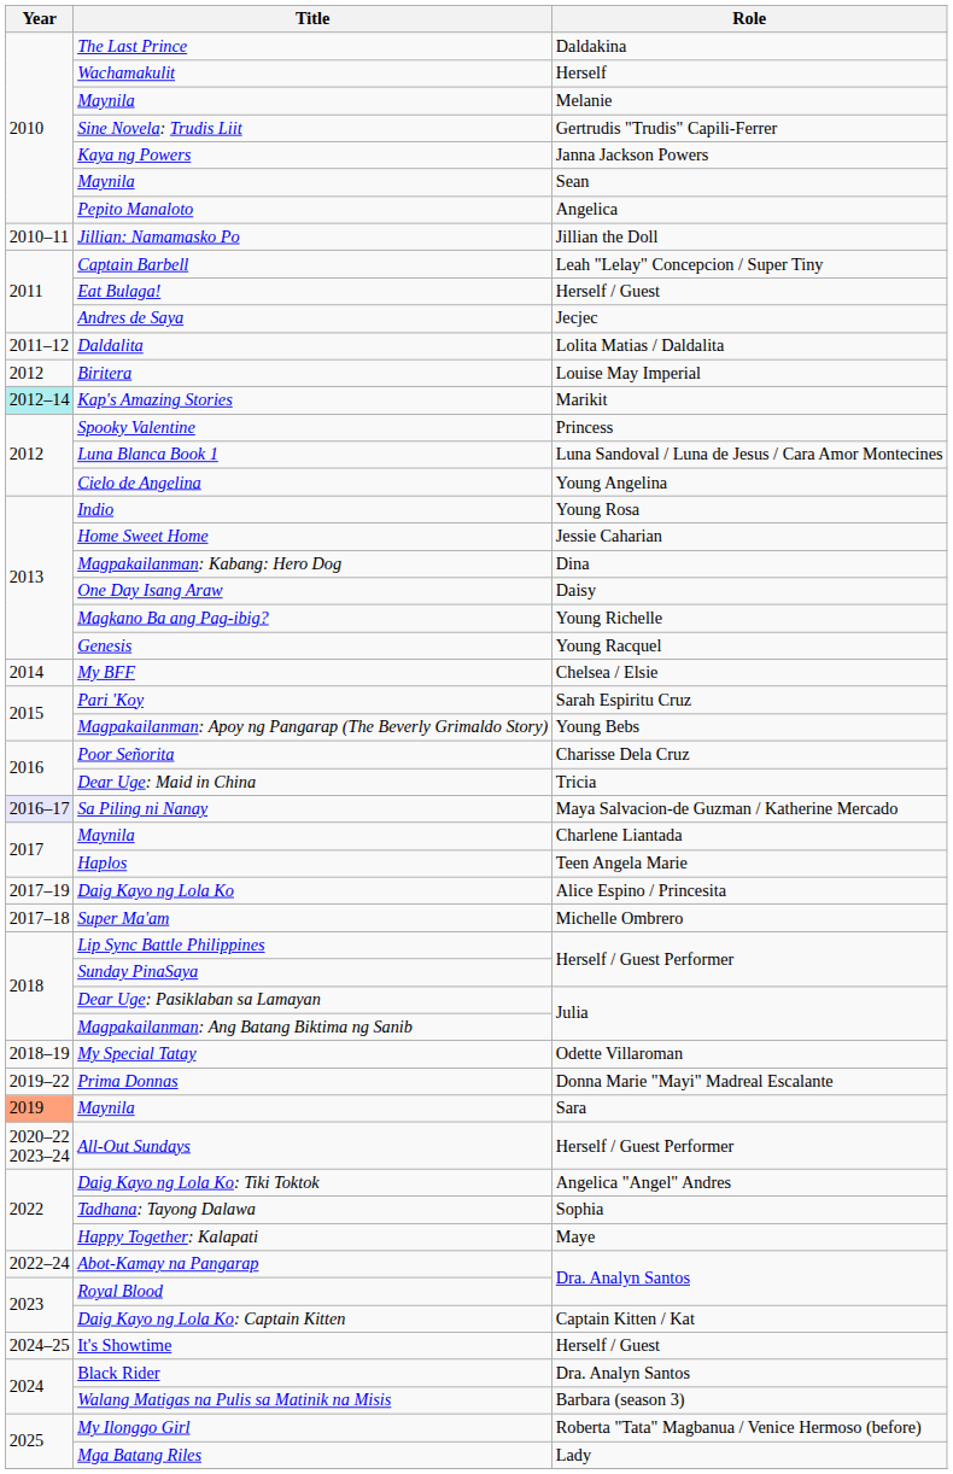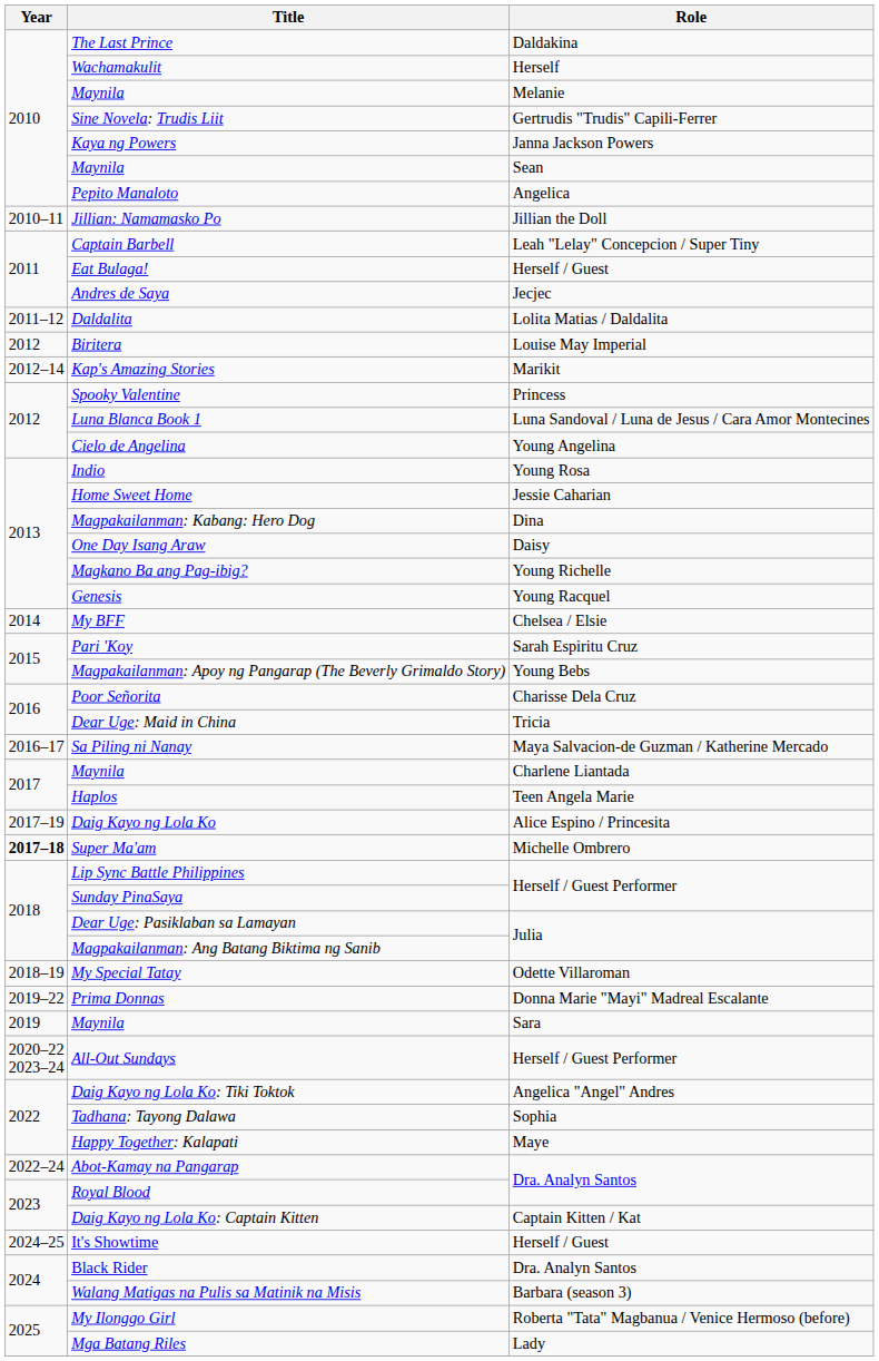 <table class="wikitable sortable">
 <tr>
 <th>Year</th>
 <th>Title</th>
 <th>Role</th>
 </tr>
 <tr>
 <td rowspan="7">2010</td>
 <td><em><a href='#'>The Last Prince</a></em></td>
 <td>Daldakina</td>
 </tr>
 <tr>
 <td><em><a href='#'>Wachamakulit</a></em></td>
 <td>Herself</td>
 </tr>
 <tr>
 <td><em><a href='#'>Maynila</a></em></td>
 <td>Melanie</td>
 </tr>
 <tr>
 <td><em><a href='#'>Sine Novela</a>: <a href='#'>Trudis Liit</a></em></td>
 <td>Gertrudis "Trudis" Capili-Ferrer</td>
 </tr>
 <tr>
 <td><em><a href='#'>Kaya ng Powers</a></em></td>
 <td>Janna Jackson Powers</td>
 </tr>
 <tr>
 <td><em><a href='#'>Maynila</a></em></td>
 <td>Sean</td>
 </tr>
 <tr>
 <td><em><a href='#'>Pepito Manaloto</a></em></td>
 <td>Angelica</td>
 </tr>
 <tr>
 <td>2010–11</td>
 <td><em><a href='#'>Jillian: Namamasko Po</a></em></td>
 <td>Jillian the Doll</td>
 </tr>
 <tr>
 <td rowspan="3">2011</td>
 <td><em><a href='#'>Captain Barbell</a></em></td>
 <td>Leah "Lelay" Concepcion / Super Tiny</td>
 </tr>
 <tr>
 <td><em><a href='#'>Eat Bulaga!</a></em></td>
 <td>Herself / Guest</td>
 </tr>
 <tr>
 <td><em><a href='#'>Andres de Saya</a></em></td>
 <td>Jecjec</td>
 </tr>
 <tr>
 <td>2011–12</td>
 <td><em><a href='#'>Daldalita</a></em></td>
 <td>Lolita Matias / Daldalita</td>
 </tr>
 <tr>
 <td>2012</td>
 <td><em><a href='#'>Biritera</a></em></td>
 <td>Louise May Imperial</td>
 </tr>
 <tr>
-<td style="background: paleturquoise;">2012–14</td>
+<td>2012–14</td>
 <td><em><a href='#'>Kap's Amazing Stories</a></em></td>
 <td>Marikit</td>
 </tr>
 <tr>
 <td rowspan="3">2012</td>
 <td><em><a href='#'>Spooky Valentine</a></em></td>
 <td>Princess</td>
 </tr>
 <tr>
 <td><em><a href='#'>Luna Blanca Book 1</a></em></td>
 <td>Luna Sandoval / Luna de Jesus / Cara Amor Montecines</td>
 </tr>
 <tr>
 <td><em><a href='#'>Cielo de Angelina</a></em></td>
 <td>Young Angelina</td>
 </tr>
 <tr>
 <td rowspan="6">2013</td>
 <td><em><a href='#'>Indio</a></em></td>
 <td>Young Rosa</td>
 </tr>
 <tr>
 <td><em><a href='#'>Home Sweet Home</a></em></td>
 <td>Jessie Caharian</td>
 </tr>
 <tr>
 <td><em><a href='#'>Magpakailanman</a>: Kabang: Hero Dog</em></td>
 <td>Dina</td>
 </tr>
 <tr>
 <td><em><a href='#'>One Day Isang Araw</a></em></td>
 <td>Daisy</td>
 </tr>
 <tr>
 <td><em><a href='#'>Magkano Ba ang Pag-ibig?</a></em></td>
 <td>Young Richelle</td>
 </tr>
 <tr>
 <td><em><a href='#'>Genesis</a></em></td>
 <td>Young Racquel</td>
 </tr>
 <tr>
 <td>2014</td>
 <td><em><a href='#'>My BFF</a></em></td>
 <td>Chelsea / Elsie</td>
 </tr>
 <tr>
 <td rowspan="2">2015</td>
 <td><em><a href='#'>Pari 'Koy</a></em></td>
 <td>Sarah Espiritu Cruz</td>
 </tr>
 <tr>
 <td><em><a href='#'>Magpakailanman</a>: Apoy ng Pangarap (The Beverly Grimaldo Story)</em></td>
 <td>Young Bebs</td>
 </tr>
 <tr>
 <td rowspan="2">2016</td>
 <td><em><a href='#'>Poor Señorita</a></em></td>
 <td>Charisse Dela Cruz</td>
 </tr>
 <tr>
 <td><em><a href='#'>Dear Uge</a>: Maid in China</em></td>
 <td>Tricia</td>
 </tr>
 <tr>
-<td style="background: lavender;">2016–17</td>
+<td>2016–17</td>
 <td><em><a href='#'>Sa Piling ni Nanay</a></em></td>
 <td>Maya Salvacion-de Guzman / Katherine Mercado</td>
 </tr>
 <tr>
 <td rowspan="2">2017</td>
 <td><em><a href='#'>Maynila</a></em></td>
 <td>Charlene Liantada</td>
 </tr>
 <tr>
 <td><em><a href='#'>Haplos</a></em></td>
 <td>Teen Angela Marie</td>
 </tr>
 <tr>
 <td>2017–19</td>
 <td><em><a href='#'>Daig Kayo ng Lola Ko</a></em></td>
 <td>Alice Espino / Princesita</td>
 </tr>
 <tr>
-<td>2017–18</td>
+<td><strong>2017–18</strong></td>
 <td><em><a href='#'>Super Ma'am</a></em></td>
 <td>Michelle Ombrero</td>
 </tr>
 <tr>
 <td rowspan="4">2018</td>
 <td><em><a href='#'>Lip Sync Battle Philippines</a></em></td>
 <td rowspan="2">Herself / Guest Performer</td>
 </tr>
 <tr>
 <td><em><a href='#'>Sunday PinaSaya</a></em></td>
 </tr>
 <tr>
 <td><em><a href='#'>Dear Uge</a>: Pasiklaban sa Lamayan</em></td>
 <td rowspan="2">Julia</td>
 </tr>
 <tr>
 <td><em><a href='#'>Magpakailanman</a>: Ang Batang Biktima ng Sanib</em></td>
 </tr>
 <tr>
 <td>2018–19</td>
 <td><em><a href='#'>My Special Tatay</a></em></td>
 <td>Odette Villaroman</td>
 </tr>
 <tr>
 <td>2019–22</td>
 <td><em><a href='#'>Prima Donnas</a></em></td>
 <td>Donna Marie "Mayi" Madreal Escalante</td>
 </tr>
 <tr>
-<td style="background: lightsalmon;">2019</td>
+<td>2019</td>
 <td><em><a href='#'>Maynila</a></em></td>
 <td>Sara</td>
 </tr>
 <tr>
 <td>2020–22 <br> 2023–24</td>
 <td><em><a href='#'>All-Out Sundays</a></em></td>
 <td>Herself / Guest Performer</td>
 </tr>
 <tr>
 <td rowspan="3">2022</td>
 <td><em><a href='#'>Daig Kayo ng Lola Ko</a>: Tiki Toktok</em></td>
 <td>Angelica "Angel" Andres</td>
 </tr>
 <tr>
 <td><em><a href='#'>Tadhana</a>: Tayong Dalawa</em></td>
 <td>Sophia</td>
 </tr>
 <tr>
 <td><em><a href='#'>Happy Together</a>: Kalapati</em></td>
 <td>Maye</td>
 </tr>
 <tr>
 <td>2022–24</td>
 <td><em><a href='#'>Abot-Kamay na Pangarap</a></em></td>
 <td rowspan="2"><a href='#'>Dra. Analyn Santos</a></td>
 </tr>
 <tr>
 <td rowspan="2">2023</td>
 <td><em><a href='#'>Royal Blood</a></em></td>
 </tr>
 <tr>
 <td><em><a href='#'>Daig Kayo ng Lola Ko</a>: Captain Kitten</em></td>
 <td>Captain Kitten / Kat</td>
 </tr>
 <tr>
 <td>2024–25</td>
 <td><em><a href='#'></em>It's Showtime<em></a></em></td>
 <td>Herself / Guest</td>
 </tr>
 <tr>
 <td rowspan="2">2024</td>
 <td><em><a href='#'></em>Black Rider<em></a></em></td>
 <td>Dra. Analyn Santos</td>
 </tr>
 <tr>
 <td><em><a href='#'>Walang Matigas na Pulis sa Matinik na Misis</a></em></td>
 <td>Barbara (season 3)</td>
 </tr>
 <tr>
 <td rowspan="2">2025</td>
 <td><em><a href='#'>My Ilonggo Girl</a></em></td>
 <td>Roberta "Tata" Magbanua / Venice Hermoso (before)</td>
 </tr>
 <tr>
 <td><em><a href='#'>Mga Batang Riles</a></em></td>
 <td>Lady</td>
 </tr>
 <tr>
 </tr>
 </table>
